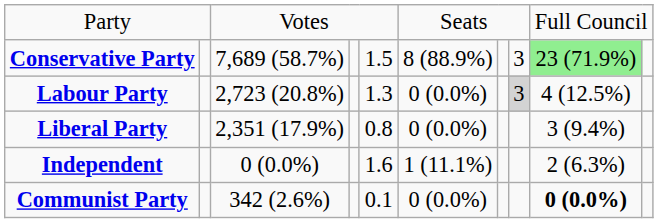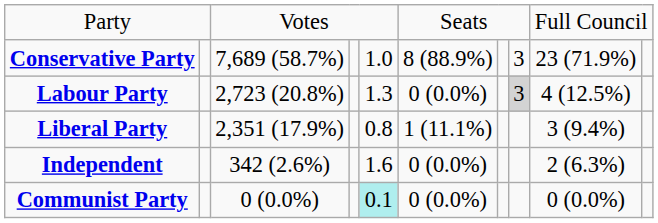 <table class=wikitable style="text-align:center;">
 <tr>
 <td colspan=2>Party</td>
 <td colspan=3>Votes</td>
 <td colspan=3>Seats</td>
 <td colspan=3>Full Council</td>
 </tr>
 <tr>
 <td><strong><a href='#'>Conservative Party</a></strong></td>
 <td style="background:"></td>
 <td>7,689 (58.7%)</td>
 <td></td>
-<td> 1.5</td>
+<td> 1.0</td>
 <td>8 (88.9%)</td>
 <td></td>
 <td> 3</td>
-<td style="background: lightgreen;">23 (71.9%)</td>
+<td>23 (71.9%)</td>
 <td></td>
 </tr>
 <tr>
 <td><strong><a href='#'>Labour Party</a></strong></td>
 <td style="background:"></td>
 <td>2,723 (20.8%)</td>
 <td></td>
 <td> 1.3</td>
 <td>0 (0.0%)</td>
 <td></td>
 <td style="background: lightgrey;"> 3</td>
 <td>4 (12.5%)</td>
 <td></td>
 </tr>
 <tr>
 <td><strong><a href='#'>Liberal Party</a></strong></td>
 <td style="background:"></td>
 <td>2,351 (17.9%)</td>
 <td></td>
 <td> 0.8</td>
-<td>0 (0.0%)</td>
+<td>1 (11.1%)</td>
 <td></td>
 <td></td>
 <td>3 (9.4%)</td>
 <td></td>
 </tr>
 <tr>
 <td><strong><a href='#'>Independent</a></strong></td>
 <td style="background:"></td>
-<td>0 (0.0%)</td>
+<td>342 (2.6%)</td>
 <td></td>
 <td> 1.6</td>
-<td>1 (11.1%)</td>
+<td>0 (0.0%)</td>
 <td></td>
 <td></td>
 <td>2 (6.3%)</td>
 <td></td>
 </tr>
 <tr>
 <td><strong><a href='#'>Communist Party</a></strong></td>
 <td style="background:"></td>
-<td>342 (2.6%)</td>
+<td>0 (0.0%)</td>
 <td></td>
-<td> 0.1</td>
+<td style="background: paleturquoise;"> 0.1</td>
 <td>0 (0.0%)</td>
 <td></td>
 <td></td>
-<td><strong>0 (0.0%)</strong></td>
+<td>0 (0.0%)</td>
 <td></td>
 </tr>
 </table>
